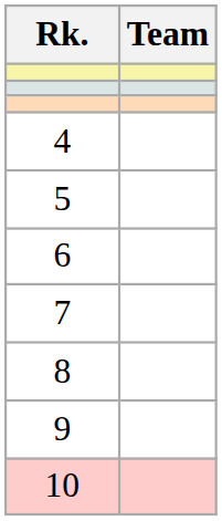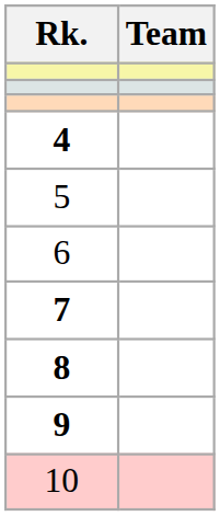 <table class="wikitable" style="border:1px solid #AAAAAA;font-size:90%">
 <tr bgcolor="#E4E4E4">
 <th style="border-bottom:1px solid #AAAAAA" width=40>Rk.</th>
 <th style="border-bottom:1px solid #AAAAAA">Team</th>
 </tr>
 <tr bgcolor="#F7F6A8">
 <td align="center"></td>
 <td></td>
 </tr>
 <tr bgcolor="#DCE5E5">
 <td align="center"></td>
 <td></td>
 </tr>
 <tr bgcolor="#FFDAB9">
 <td align="center"></td>
 <td></td>
 </tr>
 <tr style="background:#ffffff;">
-<td align="center">4</td>
+<td align="center"><strong>4</strong></td>
 <td></td>
 </tr>
 <tr style="background:#ffffff;">
 <td align="center">5</td>
 <td></td>
 </tr>
 <tr style="background:#ffffff;">
 <td align="center">6</td>
 <td></td>
 </tr>
 <tr style="background:#ffffff;">
-<td align="center">7</td>
+<td align="center"><strong>7</strong></td>
 <td></td>
 </tr>
 <tr style="background:#ffffff;">
-<td align="center">8</td>
+<td align="center"><strong>8</strong></td>
 <td></td>
 </tr>
 <tr style="background:#ffffff;">
-<td align="center">9</td>
+<td align="center"><strong>9</strong></td>
 <td></td>
 </tr>
 <tr style="background:#ffcccc;">
 <td align="center">10</td>
 <td></td>
 </tr>
 </table>
